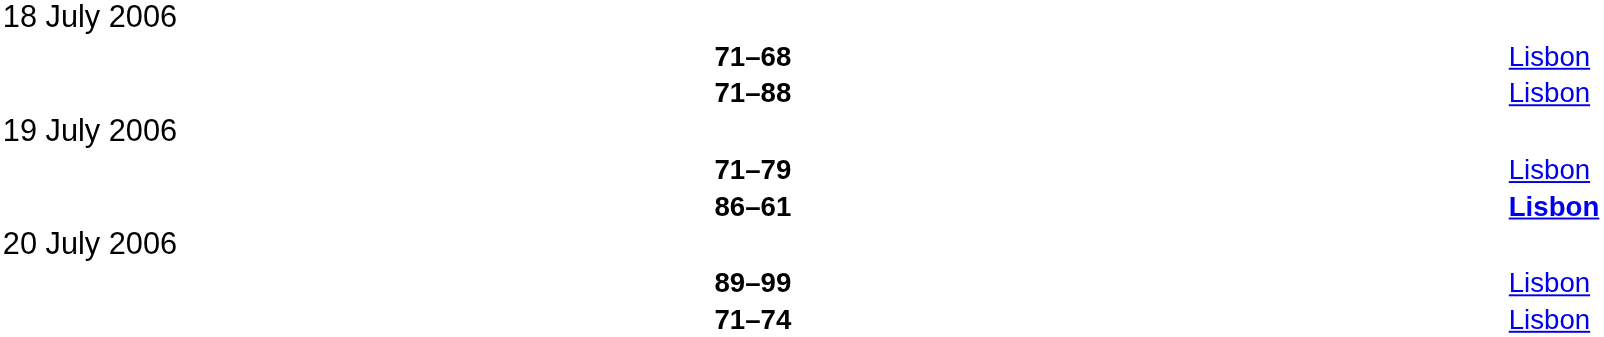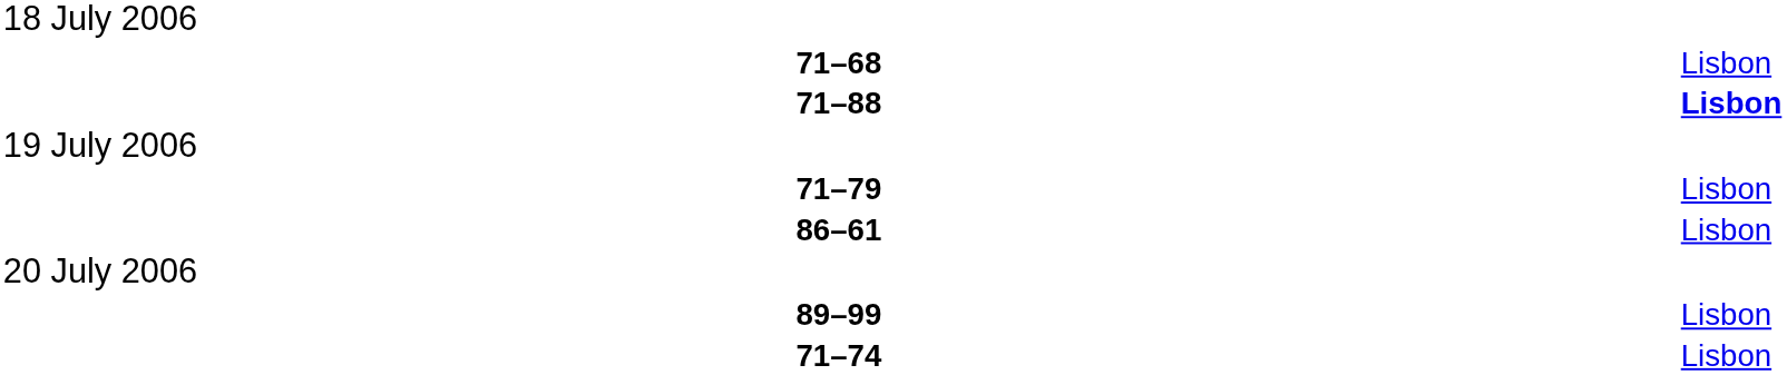 <table style="width:100%;" cellspacing="1">
 <tr>
 <th width=25%></th>
 <th width=3%></th>
 <th width=6%></th>
 <th width=3%></th>
 <th width=25%></th>
 </tr>
 <tr>
 <td>18 July 2006</td>
 </tr>
 <tr style=font-size:90%>
 <td align=right><strong></strong></td>
 <td></td>
 <td align=center><strong>71–68</strong></td>
 <td></td>
 <td><strong></strong></td>
 <td><a href='#'>Lisbon</a></td>
 </tr>
 <tr style=font-size:90%>
 <td align=right><strong></strong></td>
 <td></td>
 <td align=center><strong>71–88</strong></td>
 <td></td>
 <td><strong></strong></td>
-<td><a href='#'>Lisbon</a></td>
+<td><strong><a href='#'>Lisbon</a></strong></td>
 </tr>
 <tr>
 <td>19 July 2006</td>
 </tr>
 <tr style=font-size:90%>
 <td align=right><strong></strong></td>
 <td></td>
 <td align=center><strong>71–79</strong></td>
 <td></td>
 <td><strong></strong></td>
 <td><a href='#'>Lisbon</a></td>
 </tr>
 <tr style=font-size:90%>
 <td align=right><strong></strong></td>
 <td></td>
 <td align=center><strong>86–61</strong></td>
 <td></td>
 <td><strong></strong></td>
-<td><strong><a href='#'>Lisbon</a></strong></td>
+<td><a href='#'>Lisbon</a></td>
 </tr>
 <tr>
 <td>20 July 2006</td>
 </tr>
 <tr style=font-size:90%>
 <td align=right><strong></strong></td>
 <td></td>
 <td align=center><strong>89–99</strong></td>
 <td></td>
 <td><strong></strong></td>
 <td><a href='#'>Lisbon</a></td>
 </tr>
 <tr style=font-size:90%>
 <td align=right><strong></strong></td>
 <td></td>
 <td align=center><strong>71–74</strong></td>
 <td></td>
 <td><strong></strong></td>
 <td><a href='#'>Lisbon</a></td>
 </tr>
 </table>
